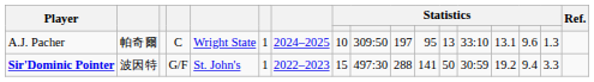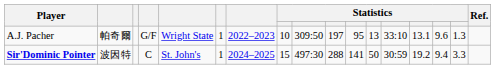 <table class="wikitable sortable" style="font-size:95%; text-align:right;">
 <tr>
 <th rowspan="2">Player</th>
 <th rowspan="2"></th>
 <th rowspan="2"></th>
 <th rowspan="2"></th>
 <th rowspan="2"></th>
 <th rowspan="2"></th>
 <th rowspan="2"></th>
 <th colspan="9">Statistics</th>
 <th rowspan="2">Ref.</th>
 </tr>
 <tr>
 <th></th>
 <th></th>
 <th></th>
 <th></th>
 <th></th>
 <th></th>
 <th></th>
 <th></th>
 <th></th>
 </tr>
 <tr>
 <td align="left">A.J. Pacher</td>
 <td align="left">帕奇爾</td>
 <td align="center"></td>
-<td align="center">C</td>
+<td align="center">G/F</td>
 <td align="left"><a href='#'>Wright State</a></td>
 <td align="center">1</td>
-<td align="center"><a href='#'>2024–2025</a></td>
+<td align="center"><a href='#'>2022–2023</a></td>
 <td>10</td>
 <td>309:50</td>
 <td>197</td>
 <td>95</td>
 <td>13</td>
 <td>33:10</td>
 <td>13.1</td>
 <td>9.6</td>
 <td>1.3</td>
 <td align="center"></td>
 </tr>
 <tr>
 <td align="left"><strong><a href='#'>Sir'Dominic Pointer</a></strong></td>
 <td align="left">波因特</td>
 <td align="center"></td>
-<td align="center">G/F</td>
+<td align="center">C</td>
 <td align="left"><a href='#'>St. John's</a></td>
 <td align="center">1</td>
-<td align="center"><a href='#'>2022–2023</a></td>
+<td align="center"><a href='#'>2024–2025</a></td>
 <td>15</td>
 <td>497:30</td>
 <td>288</td>
 <td>141</td>
 <td>50</td>
 <td>30:59</td>
 <td>19.2</td>
 <td>9.4</td>
 <td>3.3</td>
 <td align="center"></td>
 </tr>
 </table>
